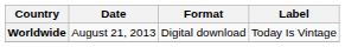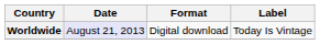 <table class="wikitable plainrowheaders">
 <tr>
 <th scope="col">Country</th>
 <th scope="col">Date</th>
 <th scope="col">Format</th>
 <th scope="col">Label</th>
 </tr>
 <tr>
 <th scope="row">Worldwide</th>
-<td>August 21, 2013</td>
+<td style="background: lavender;">August 21, 2013</td>
 <td>Digital download</td>
 <td>Today Is Vintage</td>
 </tr>
 <tr>
 </tr>
 </table>
